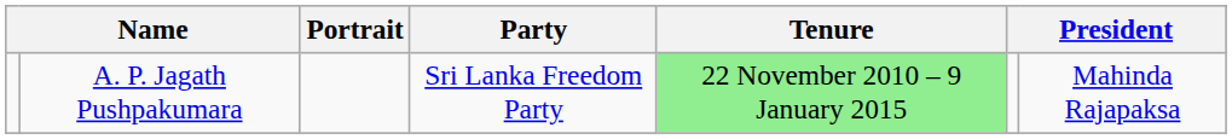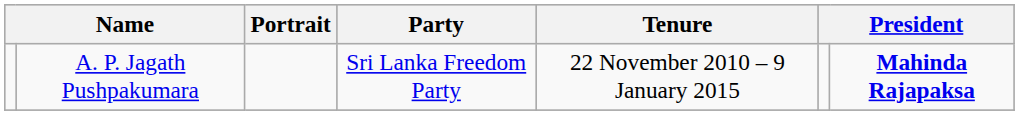 <table class="wikitable" style="margin: 1em auto; font-size:90%; text-align:center;">
 <tr>
 <th colspan="2">Name</th>
 <th>Portrait</th>
 <th>Party</th>
 <th>Tenure</th>
 <th colspan="2"><a href='#'>President</a></th>
 </tr>
 <tr>
 <td !align="center" style="background:"></td>
 <td><a href='#'>A. P. Jagath Pushpakumara</a></td>
 <td></td>
 <td><a href='#'>Sri Lanka Freedom Party</a></td>
-<td style="background: lightgreen;">22 November 2010 – 9 January 2015</td>
+<td>22 November 2010 – 9 January 2015</td>
 <td !align="centre" style="background:"></td>
-<td><a href='#'>Mahinda Rajapaksa</a></td>
+<td><strong><a href='#'>Mahinda Rajapaksa</a></strong></td>
 </tr>
 </table>
